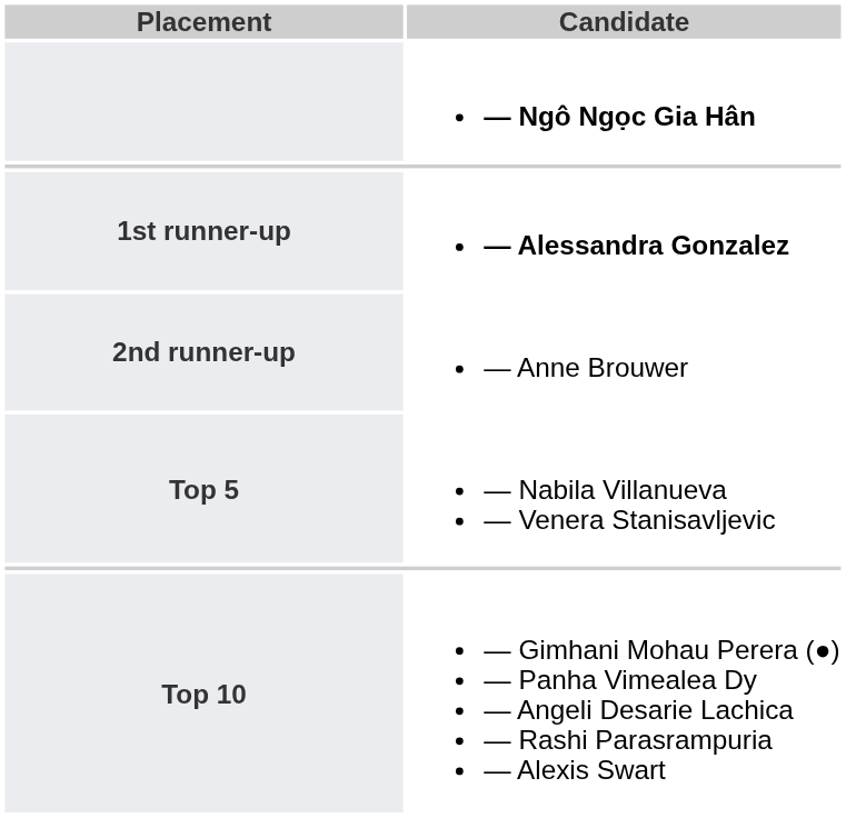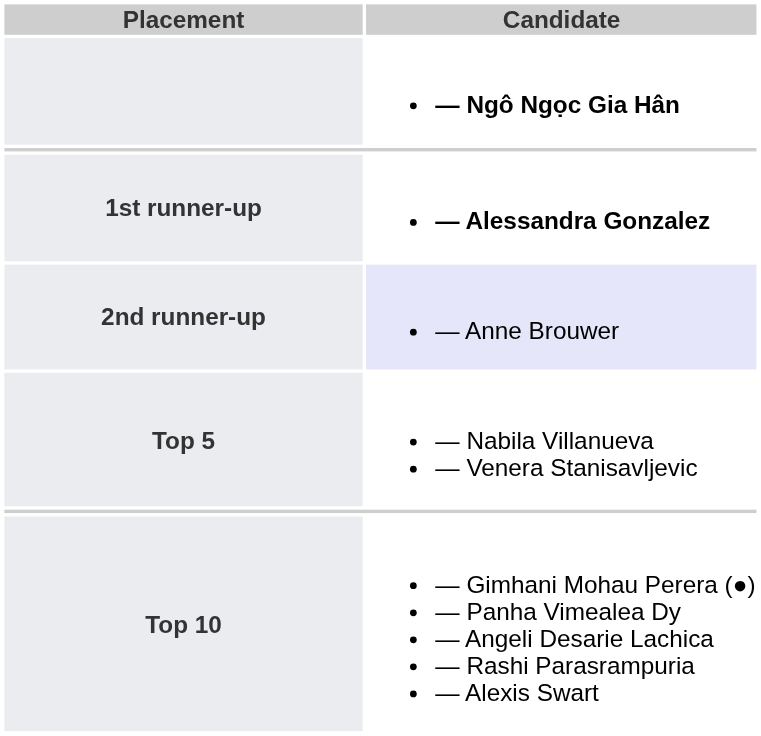 <table class="toccolours" style="font-size: 90%">
 <tr>
 <th width=210px style = "background: #CECECE; color: #333333; text-align:center ">Placement</th>
 <th style = "background: #CECECE; color: #333333; text-align:center">Candidate</th>
 </tr>
 <tr>
 <th style = "background: #eaecf0; color:#333333; text-align:center"></th>
 <td><br><ul><li><strong>  — Ngô Ngọc Gia Hân</strong></li></ul></td>
 </tr>
 <tr>
 <td colspan="2" style="background:#CECECE"></td>
 </tr>
 <tr>
 <th style = "background: #eaecf0; color:#333333; text-align:center">1st runner-up</th>
 <td><strong><br><ul><li> — Alessandra Gonzalez</li></ul></strong></td>
 </tr>
 <tr>
 <th style = "background: #eaecf0; color:#333333; text-align:center">2nd runner-up</th>
-<td><br><ul><li> — Anne Brouwer</li></ul></td>
+<td style="background: lavender;"><br><ul><li> — Anne Brouwer</li></ul></td>
 </tr>
 <tr>
 <th style = "background: #eaecf0; color:#333333; text-align:center">Top 5</th>
 <td {{nowrap><br><ul><li> — Nabila Villanueva</li><li> — Venera Stanisavljevic</li></ul></td>
 </tr>
 <tr>
 <td colspan="2" style="background:#CECECE"></td>
 </tr>
 <tr>
 <th style = "background: #eaecf0; color:#333333; text-align:center">Top 10</th>
 <td><br><ul><li> — Gimhani Mohau Perera (●)</li><li> — Panha Vimealea Dy</li><li> — Angeli Desarie Lachica</li><li> — Rashi Parasrampuria</li><li> — Alexis Swart</li></ul></td>
 </tr>
 </table>
